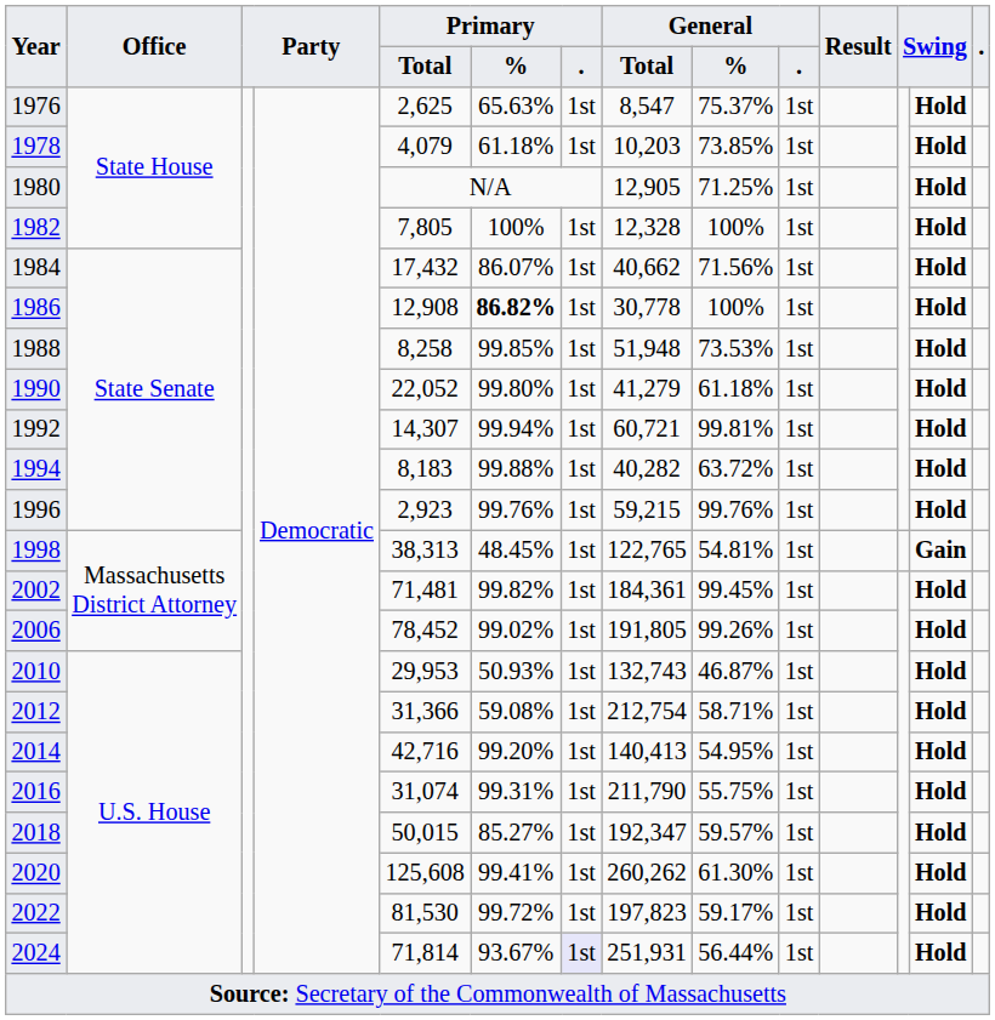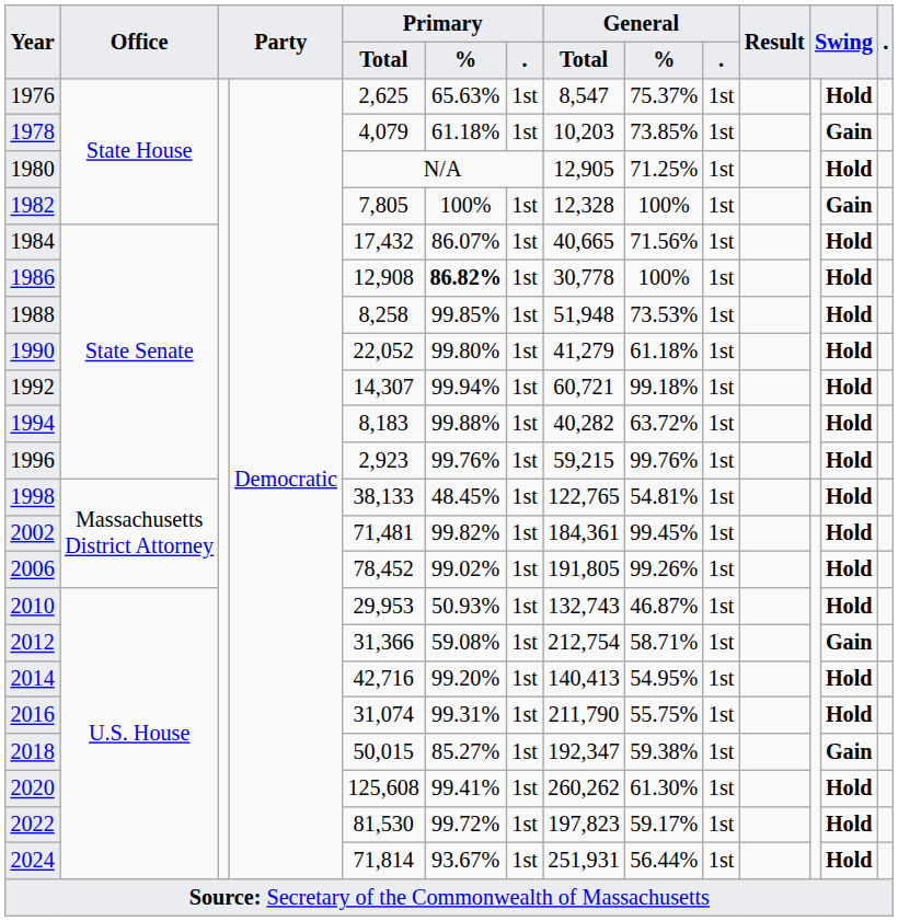 <table class="wikitable" style="font-size:90%; text-align:center;">
 <tr>
 <th style="background-color:#EAECF0;" rowspan=2>Year</th>
 <th style="background-color:#EAECF0;" rowspan=2>Office</th>
 <th style="background-color:#EAECF0;" colspan=2 rowspan=2>Party</th>
 <th style="background-color:#EAECF0;" colspan=3>Primary</th>
 <th style="background-color:#EAECF0;" colspan=3>General</th>
 <th style="background-color:#EAECF0;" rowspan=2>Result</th>
 <th style="background-color:#EAECF0;" colspan=2 rowspan=2><a href='#'>Swing</a></th>
 <th style="background-color:#EAECF0;" rowspan=2>.</th>
 </tr>
 <tr>
 <th style="background-color:#EAECF0;">Total</th>
 <th style="background-color:#EAECF0;">%</th>
 <th style="background-color:#EAECF0;">.</th>
 <th style="background-color:#EAECF0;">Total</th>
 <th style="background-color:#EAECF0;">%</th>
 <th style="background-color:#EAECF0;">.</th>
 </tr>
 <tr>
 <td style="background-color:#EAECF0;">1976</td>
 <td rowspan=4><a href='#'>State House</a></td>
 <td rowspan="22" style="background-color:"></td>
 <td rowspan="22"><a href='#'>Democratic</a></td>
 <td>2,625</td>
 <td>65.63%</td>
 <td>1st</td>
 <td>8,547</td>
 <td>75.37%</td>
 <td>1st</td>
 <td></td>
 <td rowspan="11" style="background-color:"></td>
 <td><strong>Hold</strong></td>
 <td></td>
 </tr>
 <tr>
 <td style="background-color:#EAECF0;"><a href='#'>1978</a></td>
 <td>4,079</td>
 <td>61.18%</td>
 <td>1st</td>
 <td>10,203</td>
 <td>73.85%</td>
 <td>1st</td>
 <td></td>
-<td><strong>Hold</strong></td>
+<td><strong>Gain</strong></td>
 <td></td>
 </tr>
 <tr>
 <td style="background-color:#EAECF0;">1980</td>
 <td colspan=3>N/A</td>
 <td>12,905</td>
 <td>71.25%</td>
 <td>1st</td>
 <td></td>
 <td><strong>Hold</strong></td>
 <td></td>
 </tr>
 <tr>
 <td style="background-color:#EAECF0;"><a href='#'>1982</a></td>
 <td>7,805</td>
 <td>100%</td>
 <td>1st</td>
 <td>12,328</td>
 <td>100%</td>
 <td>1st</td>
 <td></td>
-<td><strong>Hold</strong></td>
+<td><strong>Gain</strong></td>
 <td></td>
 </tr>
 <tr>
 <td style="background-color:#EAECF0;">1984</td>
 <td rowspan=7><a href='#'>State Senate</a></td>
 <td>17,432</td>
 <td>86.07%</td>
 <td>1st</td>
-<td>40,662</td>
+<td>40,665</td>
 <td>71.56%</td>
 <td>1st</td>
 <td></td>
 <td><strong>Hold</strong></td>
 <td></td>
 </tr>
 <tr>
 <td style="background-color:#EAECF0;"><a href='#'>1986</a></td>
 <td>12,908</td>
 <td><strong>86.82%</strong></td>
 <td>1st</td>
 <td>30,778</td>
 <td>100%</td>
 <td>1st</td>
 <td></td>
 <td><strong>Hold</strong></td>
 <td></td>
 </tr>
 <tr>
 <td style="background-color:#EAECF0;">1988</td>
 <td>8,258</td>
 <td>99.85%</td>
 <td>1st</td>
 <td>51,948</td>
 <td>73.53%</td>
 <td>1st</td>
 <td></td>
 <td><strong>Hold</strong></td>
 <td></td>
 </tr>
 <tr>
 <td style="background-color:#EAECF0;"><a href='#'>1990</a></td>
 <td>22,052</td>
 <td>99.80%</td>
 <td>1st</td>
 <td>41,279</td>
 <td>61.18%</td>
 <td>1st</td>
 <td></td>
 <td><strong>Hold</strong></td>
 <td></td>
 </tr>
 <tr>
 <td style="background-color:#EAECF0;">1992</td>
 <td>14,307</td>
 <td>99.94%</td>
 <td>1st</td>
 <td>60,721</td>
-<td>99.81%</td>
+<td>99.18%</td>
 <td>1st</td>
 <td></td>
 <td><strong>Hold</strong></td>
 <td></td>
 </tr>
 <tr>
 <td style="background-color:#EAECF0;"><a href='#'>1994</a></td>
 <td>8,183</td>
 <td>99.88%</td>
 <td>1st</td>
 <td>40,282</td>
 <td>63.72%</td>
 <td>1st</td>
 <td></td>
 <td><strong>Hold</strong></td>
 <td></td>
 </tr>
 <tr>
 <td style="background-color:#EAECF0;">1996</td>
 <td>2,923</td>
 <td>99.76%</td>
 <td>1st</td>
 <td>59,215</td>
 <td>99.76%</td>
 <td>1st</td>
 <td></td>
 <td><strong>Hold</strong></td>
 <td></td>
 </tr>
 <tr>
 <td style="background-color:#EAECF0;"><a href='#'>1998</a></td>
 <td rowspan=3>Massachusetts<br><a href='#'>District Attorney</a></td>
-<td>38,313</td>
+<td>38,133</td>
 <td>48.45%</td>
 <td>1st</td>
 <td>122,765</td>
 <td>54.81%</td>
 <td>1st</td>
 <td></td>
 <td style="background-color:"></td>
-<td><strong>Gain</strong></td>
+<td><strong>Hold</strong></td>
 <td></td>
 </tr>
 <tr>
 <td style="background-color:#EAECF0;"><a href='#'>2002</a></td>
 <td>71,481</td>
 <td>99.82%</td>
 <td>1st</td>
 <td>184,361</td>
 <td>99.45%</td>
 <td>1st</td>
 <td></td>
 <td rowspan="10" style="background-color:"></td>
 <td><strong>Hold</strong></td>
 <td></td>
 </tr>
 <tr>
 <td style="background-color:#EAECF0;"><a href='#'>2006</a></td>
 <td>78,452</td>
 <td>99.02%</td>
 <td>1st</td>
 <td>191,805</td>
 <td>99.26%</td>
 <td>1st</td>
 <td></td>
 <td><strong>Hold</strong></td>
 <td></td>
 </tr>
 <tr>
 <td style="background-color:#EAECF0;"><a href='#'>2010</a></td>
 <td rowspan="8"><a href='#'>U.S. House</a></td>
 <td>29,953</td>
 <td>50.93%</td>
 <td>1st</td>
 <td>132,743</td>
 <td>46.87%</td>
 <td>1st</td>
 <td></td>
 <td><strong>Hold</strong></td>
 <td></td>
 </tr>
 <tr>
 <td style="background-color:#EAECF0;"><a href='#'>2012</a></td>
 <td>31,366</td>
 <td>59.08%</td>
 <td>1st</td>
 <td>212,754</td>
 <td>58.71%</td>
 <td>1st</td>
 <td></td>
-<td><strong>Hold</strong></td>
+<td><strong>Gain</strong></td>
 <td></td>
 </tr>
 <tr>
 <td style="background-color:#EAECF0;"><a href='#'>2014</a></td>
 <td>42,716</td>
 <td>99.20%</td>
 <td>1st</td>
 <td>140,413</td>
 <td>54.95%</td>
 <td>1st</td>
 <td></td>
 <td><strong>Hold</strong></td>
 <td></td>
 </tr>
 <tr>
 <td style="background-color:#EAECF0;"><a href='#'>2016</a></td>
 <td>31,074</td>
 <td>99.31%</td>
 <td>1st</td>
 <td>211,790</td>
 <td>55.75%</td>
 <td>1st</td>
 <td></td>
 <td><strong>Hold</strong></td>
 <td></td>
 </tr>
 <tr>
 <td style="background-color:#EAECF0;"><a href='#'>2018</a></td>
 <td>50,015</td>
 <td>85.27%</td>
 <td>1st</td>
 <td>192,347</td>
-<td>59.57%</td>
+<td>59.38%</td>
 <td>1st</td>
 <td></td>
-<td><strong>Hold</strong></td>
+<td><strong>Gain</strong></td>
 <td></td>
 </tr>
 <tr>
 <td style="background-color:#EAECF0;"><a href='#'>2020</a></td>
 <td>125,608</td>
 <td>99.41%</td>
 <td>1st</td>
 <td>260,262</td>
 <td>61.30%</td>
 <td>1st</td>
 <td></td>
 <td><strong>Hold</strong></td>
 <td></td>
 </tr>
 <tr>
 <td style="background-color:#EAECF0;"><a href='#'>2022</a></td>
 <td>81,530</td>
 <td>99.72%</td>
 <td>1st</td>
 <td>197,823</td>
 <td>59.17%</td>
 <td>1st</td>
 <td></td>
 <td><strong>Hold</strong></td>
 <td></td>
 </tr>
 <tr>
 <td style="background-color:#EAECF0;"><a href='#'>2024</a></td>
 <td>71,814</td>
 <td>93.67%</td>
-<td style="background: lavender;">1st</td>
+<td>1st</td>
 <td>251,931</td>
 <td>56.44%</td>
 <td>1st</td>
 <td></td>
 <td><strong>Hold</strong></td>
 <td></td>
 </tr>
 <tr>
 <td style="background-color:#EAECF0;" colspan=14><strong>Source:</strong> <a href='#'>Secretary of the Commonwealth of Massachusetts</a>  </td>
 </tr>
 </table>
